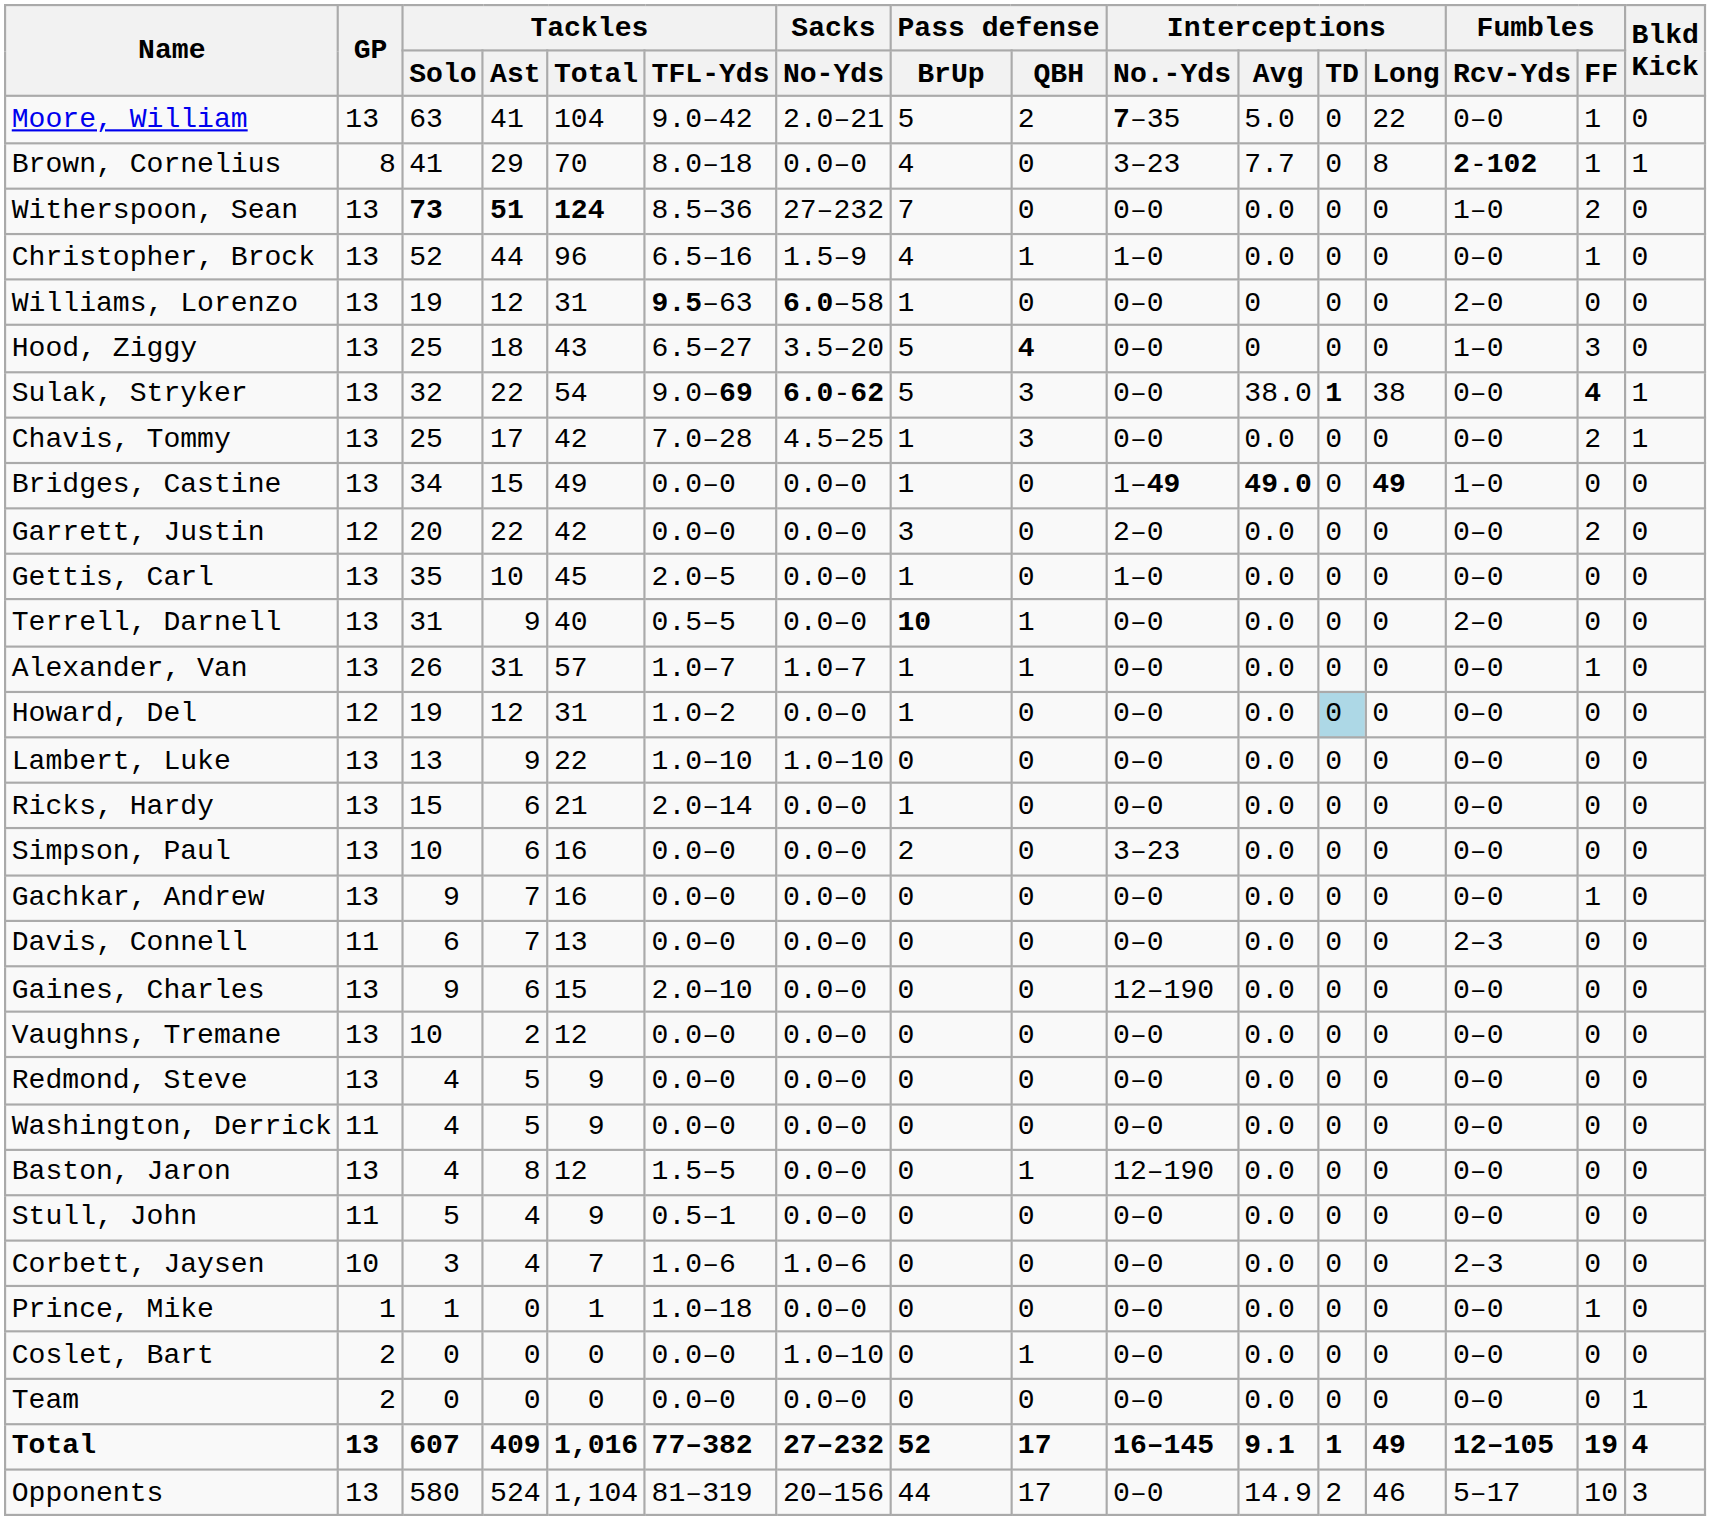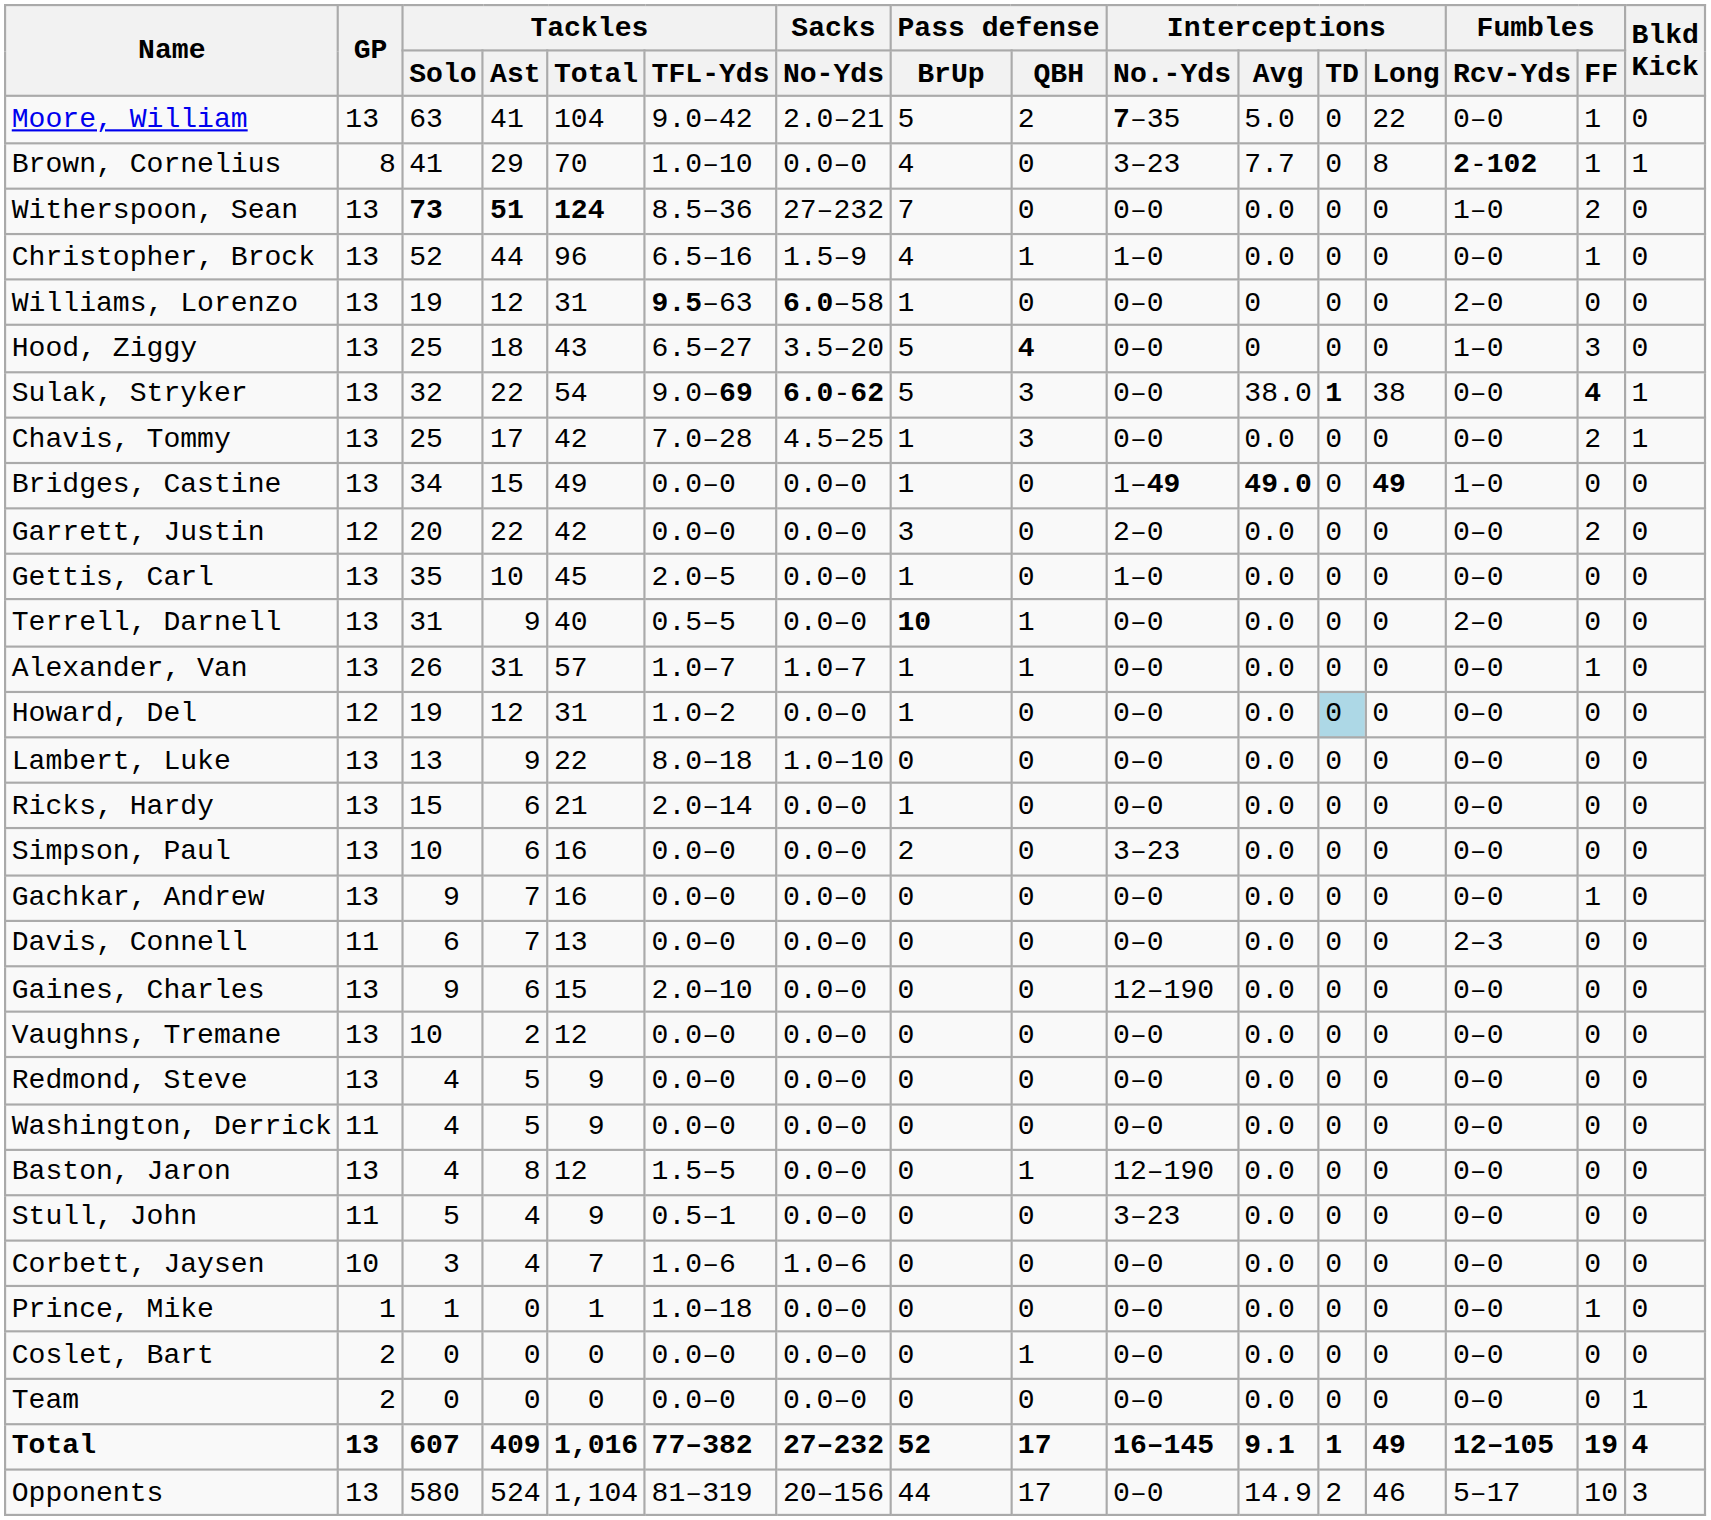 <table class="wikitable" style="white-space:nowrap">
 <tr>
 <th rowspan="2">Name</th>
 <th rowspan="2">GP</th>
 <th colspan="4">Tackles</th>
 <th>Sacks</th>
 <th colspan="2">Pass defense</th>
 <th colspan="4">Interceptions</th>
 <th colspan="2">Fumbles</th>
 <th rowspan="2">Blkd<br>Kick</th>
 </tr>
 <tr>
 <th>Solo</th>
 <th>Ast</th>
 <th>Total</th>
 <th>TFL-Yds</th>
 <th>No-Yds</th>
 <th>BrUp</th>
 <th>QBH</th>
 <th>No.-Yds</th>
 <th>Avg</th>
 <th>TD</th>
 <th>Long</th>
 <th>Rcv-Yds</th>
 <th>FF<br>   </th>
 </tr>
 <tr>
 <td><a href='#'>Moore, William</a></td>
 <td>13</td>
 <td>63</td>
 <td>41</td>
 <td>104</td>
 <td>9.0–42</td>
 <td>2.0–21</td>
 <td>5</td>
 <td>2</td>
 <td><strong>7</strong>–35</td>
 <td>5.0</td>
 <td>0</td>
 <td>22</td>
 <td>0–0</td>
 <td>1</td>
 <td>0</td>
 </tr>
 <tr>
 <td>Brown, Cornelius</td>
 <td>  8</td>
 <td>41</td>
 <td>29</td>
 <td>70</td>
-<td>8.0–18</td>
+<td>1.0–10</td>
 <td>0.0–0</td>
 <td>4</td>
 <td>0</td>
 <td>3–23</td>
 <td>7.7</td>
 <td>0</td>
 <td>8</td>
 <td><strong>2</strong>-<strong>102</strong></td>
 <td>1</td>
 <td>1</td>
 </tr>
 <tr>
 <td>Witherspoon, Sean</td>
 <td>13</td>
 <td><strong>73</strong></td>
 <td><strong>51</strong></td>
 <td><strong>124</strong></td>
 <td>8.5–36</td>
 <td>27–232</td>
 <td>7</td>
 <td>0</td>
 <td>0–0</td>
 <td>0.0</td>
 <td>0</td>
 <td>0</td>
 <td>1–0</td>
 <td>2</td>
 <td>0</td>
 </tr>
 <tr>
 <td>Christopher, Brock</td>
 <td>13</td>
 <td>52</td>
 <td>44</td>
 <td>96</td>
 <td>6.5–16</td>
 <td>1.5–9</td>
 <td>4</td>
 <td>1</td>
 <td>1–0</td>
 <td>0.0</td>
 <td>0</td>
 <td>0</td>
 <td>0–0</td>
 <td>1</td>
 <td>0</td>
 </tr>
 <tr>
 <td>Williams, Lorenzo</td>
 <td>13</td>
 <td>19</td>
 <td>12</td>
 <td>31</td>
 <td><strong>9.5</strong>–63</td>
 <td><strong>6.0</strong>–58</td>
 <td>1</td>
 <td>0</td>
 <td>0–0</td>
 <td>0</td>
 <td>0</td>
 <td>0</td>
 <td>2–0</td>
 <td>0</td>
 <td>0</td>
 </tr>
 <tr>
 <td>Hood, Ziggy</td>
 <td>13</td>
 <td>25</td>
 <td>18</td>
 <td>43</td>
 <td>6.5–27</td>
 <td>3.5–20</td>
 <td>5</td>
 <td><strong>4</strong></td>
 <td>0–0</td>
 <td>0</td>
 <td>0</td>
 <td>0</td>
 <td>1–0</td>
 <td>3</td>
 <td>0</td>
 </tr>
 <tr>
 <td>Sulak, Stryker</td>
 <td>13</td>
 <td>32</td>
 <td>22</td>
 <td>54</td>
 <td>9.0–<strong>69</strong></td>
 <td><strong>6.0</strong>-<strong>62</strong></td>
 <td>5</td>
 <td>3</td>
 <td>0–0</td>
 <td>38.0</td>
 <td><strong>1</strong></td>
 <td>38</td>
 <td>0–0</td>
 <td><strong>4</strong></td>
 <td>1</td>
 </tr>
 <tr>
 <td>Chavis, Tommy</td>
 <td>13</td>
 <td>25</td>
 <td>17</td>
 <td>42</td>
 <td>7.0–28</td>
 <td>4.5–25</td>
 <td>1</td>
 <td>3</td>
 <td>0–0</td>
 <td>0.0</td>
 <td>0</td>
 <td>0</td>
 <td>0–0</td>
 <td>2</td>
 <td>1</td>
 </tr>
 <tr>
 <td>Bridges, Castine</td>
 <td>13</td>
 <td>34</td>
 <td>15</td>
 <td>49</td>
 <td>0.0–0</td>
 <td>0.0–0</td>
 <td>1</td>
 <td>0</td>
 <td>1–<strong>49</strong></td>
 <td><strong>49.0</strong></td>
 <td>0</td>
 <td><strong>49</strong></td>
 <td>1–0</td>
 <td>0</td>
 <td>0</td>
 </tr>
 <tr>
 <td>Garrett, Justin</td>
 <td>12</td>
 <td>20</td>
 <td>22</td>
 <td>42</td>
 <td>0.0–0</td>
 <td>0.0–0</td>
 <td>3</td>
 <td>0</td>
 <td>2–0</td>
 <td>0.0</td>
 <td>0</td>
 <td>0</td>
 <td>0–0</td>
 <td>2</td>
 <td>0</td>
 </tr>
 <tr>
 <td>Gettis, Carl</td>
 <td>13</td>
 <td>35</td>
 <td>10</td>
 <td>45</td>
 <td>2.0–5</td>
 <td>0.0–0</td>
 <td>1</td>
 <td>0</td>
 <td>1–0</td>
 <td>0.0</td>
 <td>0</td>
 <td>0</td>
 <td>0–0</td>
 <td>0</td>
 <td>0</td>
 </tr>
 <tr>
 <td>Terrell, Darnell</td>
 <td>13</td>
 <td>31</td>
 <td>  9</td>
 <td>40</td>
 <td>0.5–5</td>
 <td>0.0–0</td>
 <td><strong>10</strong></td>
 <td>1</td>
 <td>0–0</td>
 <td>0.0</td>
 <td>0</td>
 <td>0</td>
 <td>2–0</td>
 <td>0</td>
 <td>0</td>
 </tr>
 <tr>
 <td>Alexander, Van</td>
 <td>13</td>
 <td>26</td>
 <td>31</td>
 <td>57</td>
 <td>1.0–7</td>
 <td>1.0–7</td>
 <td>1</td>
 <td>1</td>
 <td>0–0</td>
 <td>0.0</td>
 <td>0</td>
 <td>0</td>
 <td>0–0</td>
 <td>1</td>
 <td>0</td>
 </tr>
 <tr>
 <td>Howard, Del</td>
 <td>12</td>
 <td>19</td>
 <td>12</td>
 <td>31</td>
 <td>1.0–2</td>
 <td>0.0–0</td>
 <td>1</td>
 <td>0</td>
 <td>0–0</td>
 <td>0.0</td>
 <td style="background: lightblue;">0</td>
 <td>0</td>
 <td>0–0</td>
 <td>0</td>
 <td>0</td>
 </tr>
 <tr>
 <td>Lambert, Luke</td>
 <td>13</td>
 <td>13</td>
 <td>  9</td>
 <td>22</td>
-<td>1.0–10</td>
+<td>8.0–18</td>
 <td>1.0–10</td>
 <td>0</td>
 <td>0</td>
 <td>0–0</td>
 <td>0.0</td>
 <td>0</td>
 <td>0</td>
 <td>0–0</td>
 <td>0</td>
 <td>0</td>
 </tr>
 <tr>
 <td>Ricks, Hardy</td>
 <td>13</td>
 <td>15</td>
 <td>  6</td>
 <td>21</td>
 <td>2.0–14</td>
 <td>0.0–0</td>
 <td>1</td>
 <td>0</td>
 <td>0–0</td>
 <td>0.0</td>
 <td>0</td>
 <td>0</td>
 <td>0–0</td>
 <td>0</td>
 <td>0</td>
 </tr>
 <tr>
 <td>Simpson, Paul</td>
 <td>13</td>
 <td>10</td>
 <td>  6</td>
 <td>16</td>
 <td>0.0–0</td>
 <td>0.0–0</td>
 <td>2</td>
 <td>0</td>
 <td>3–23</td>
 <td>0.0</td>
 <td>0</td>
 <td>0</td>
 <td>0–0</td>
 <td>0</td>
 <td>0</td>
 </tr>
 <tr>
 <td>Gachkar, Andrew</td>
 <td>13</td>
 <td>  9</td>
 <td>  7</td>
 <td>16</td>
 <td>0.0–0</td>
 <td>0.0–0</td>
 <td>0</td>
 <td>0</td>
 <td>0–0</td>
 <td>0.0</td>
 <td>0</td>
 <td>0</td>
 <td>0–0</td>
 <td>1</td>
 <td>0</td>
 </tr>
 <tr>
 <td>Davis, Connell</td>
 <td>11</td>
 <td>  6</td>
 <td>  7</td>
 <td>13</td>
 <td>0.0–0</td>
 <td>0.0–0</td>
 <td>0</td>
 <td>0</td>
 <td>0–0</td>
 <td>0.0</td>
 <td>0</td>
 <td>0</td>
 <td>2–3</td>
 <td>0</td>
 <td>0</td>
 </tr>
 <tr>
 <td>Gaines, Charles</td>
 <td>13</td>
 <td>  9</td>
 <td>  6</td>
 <td>15</td>
 <td>2.0–10</td>
 <td>0.0–0</td>
 <td>0</td>
 <td>0</td>
 <td>12–190</td>
 <td>0.0</td>
 <td>0</td>
 <td>0</td>
 <td>0–0</td>
 <td>0</td>
 <td>0</td>
 </tr>
 <tr>
 <td>Vaughns, Tremane</td>
 <td>13</td>
 <td>10</td>
 <td>  2</td>
 <td>12</td>
 <td>0.0–0</td>
 <td>0.0–0</td>
 <td>0</td>
 <td>0</td>
 <td>0–0</td>
 <td>0.0</td>
 <td>0</td>
 <td>0</td>
 <td>0–0</td>
 <td>0</td>
 <td>0</td>
 </tr>
 <tr>
 <td>Redmond, Steve</td>
 <td>13</td>
 <td>  4</td>
 <td>  5</td>
 <td>  9</td>
 <td>0.0–0</td>
 <td>0.0–0</td>
 <td>0</td>
 <td>0</td>
 <td>0–0</td>
 <td>0.0</td>
 <td>0</td>
 <td>0</td>
 <td>0–0</td>
 <td>0</td>
 <td>0</td>
 </tr>
 <tr>
 <td>Washington, Derrick</td>
 <td>11</td>
 <td>  4</td>
 <td>  5</td>
 <td>  9</td>
 <td>0.0–0</td>
 <td>0.0–0</td>
 <td>0</td>
 <td>0</td>
 <td>0–0</td>
 <td>0.0</td>
 <td>0</td>
 <td>0</td>
 <td>0–0</td>
 <td>0</td>
 <td>0</td>
 </tr>
 <tr>
 <td>Baston, Jaron</td>
 <td>13</td>
 <td>  4</td>
 <td>  8</td>
 <td>12</td>
 <td>1.5–5</td>
 <td>0.0–0</td>
 <td>0</td>
 <td>1</td>
 <td>12–190</td>
 <td>0.0</td>
 <td>0</td>
 <td>0</td>
 <td>0–0</td>
 <td>0</td>
 <td>0</td>
 </tr>
 <tr>
 <td>Stull, John</td>
 <td>11</td>
 <td>  5</td>
 <td>  4</td>
 <td>  9</td>
 <td>0.5–1</td>
 <td>0.0–0</td>
 <td>0</td>
 <td>0</td>
-<td>0–0</td>
+<td>3–23</td>
 <td>0.0</td>
 <td>0</td>
 <td>0</td>
 <td>0–0</td>
 <td>0</td>
 <td>0</td>
 </tr>
 <tr>
 <td>Corbett, Jaysen</td>
 <td>10</td>
 <td>  3</td>
 <td>  4</td>
 <td>  7</td>
 <td>1.0–6</td>
 <td>1.0–6</td>
 <td>0</td>
 <td>0</td>
 <td>0–0</td>
 <td>0.0</td>
 <td>0</td>
 <td>0</td>
-<td>2–3</td>
+<td>0–0</td>
 <td>0</td>
 <td>0</td>
 </tr>
 <tr>
 <td>Prince, Mike</td>
 <td>  1</td>
 <td>  1</td>
 <td>  0</td>
 <td>  1</td>
 <td>1.0–18</td>
 <td>0.0–0</td>
 <td>0</td>
 <td>0</td>
 <td>0–0</td>
 <td>0.0</td>
 <td>0</td>
 <td>0</td>
 <td>0–0</td>
 <td>1</td>
 <td>0</td>
 </tr>
 <tr>
 <td>Coslet, Bart</td>
 <td>  2</td>
 <td>  0</td>
 <td>  0</td>
 <td>  0</td>
 <td>0.0–0</td>
-<td>1.0–10</td>
+<td>0.0–0</td>
 <td>0</td>
 <td>1</td>
 <td>0–0</td>
 <td>0.0</td>
 <td>0</td>
 <td>0</td>
 <td>0–0</td>
 <td>0</td>
 <td>0</td>
 </tr>
 <tr>
 <td>Team</td>
 <td>  2</td>
 <td>  0</td>
 <td>  0</td>
 <td>  0</td>
 <td>0.0–0</td>
 <td>0.0–0</td>
 <td>0</td>
 <td>0</td>
 <td>0–0</td>
 <td>0.0</td>
 <td>0</td>
 <td>0</td>
 <td>0–0</td>
 <td>0</td>
 <td>1</td>
 </tr>
 <tr style="font-weight:bold;">
 <td>Total</td>
 <td>13</td>
 <td>607</td>
 <td>409</td>
 <td>1,016</td>
 <td>77–382</td>
 <td>27–232</td>
 <td>52</td>
 <td>17</td>
 <td>16–145</td>
 <td>9.1</td>
 <td>1</td>
 <td>49</td>
 <td>12–105</td>
 <td>19</td>
 <td>4</td>
 </tr>
 <tr>
 <td>Opponents</td>
 <td>13</td>
 <td>580</td>
 <td>524</td>
 <td>1,104</td>
 <td>81–319</td>
 <td>20–156</td>
 <td>44</td>
 <td>17</td>
 <td>0–0</td>
 <td>14.9</td>
 <td>2</td>
 <td>46</td>
 <td>5–17</td>
 <td>10</td>
 <td>3</td>
 </tr>
 </table>
